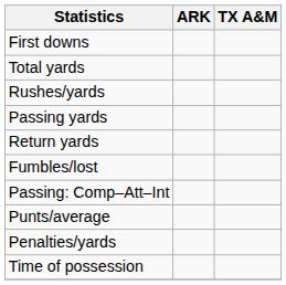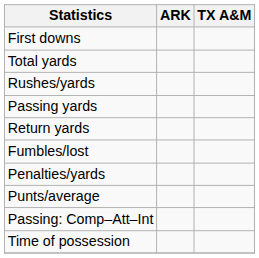 <table class="wikitable" style="float: left;">
 <tr>
 <th>Statistics</th>
 <th>ARK</th>
 <th>TX A&M</th>
 </tr>
 <tr>
 <td>First downs</td>
 <td></td>
 <td></td>
 </tr>
 <tr>
 <td>Total yards</td>
 <td></td>
 <td></td>
 </tr>
 <tr>
 <td>Rushes/yards</td>
 <td></td>
 <td></td>
 </tr>
 <tr>
 <td>Passing yards</td>
 <td></td>
 <td></td>
 </tr>
 <tr>
 <td>Return yards</td>
 <td></td>
 <td></td>
 </tr>
 <tr>
 <td>Fumbles/lost</td>
 <td></td>
 <td></td>
 </tr>
 <tr>
-<td>Passing: Comp–Att–Int</td>
+<td>Penalties/yards</td>
 <td></td>
 <td></td>
 </tr>
 <tr>
 <td>Punts/average</td>
 <td></td>
 <td></td>
 </tr>
 <tr>
-<td>Penalties/yards</td>
+<td>Passing: Comp–Att–Int</td>
 <td></td>
 <td></td>
 </tr>
 <tr>
 <td>Time of possession</td>
 <td></td>
 <td></td>
 </tr>
 <tr>
 </tr>
 </table>
